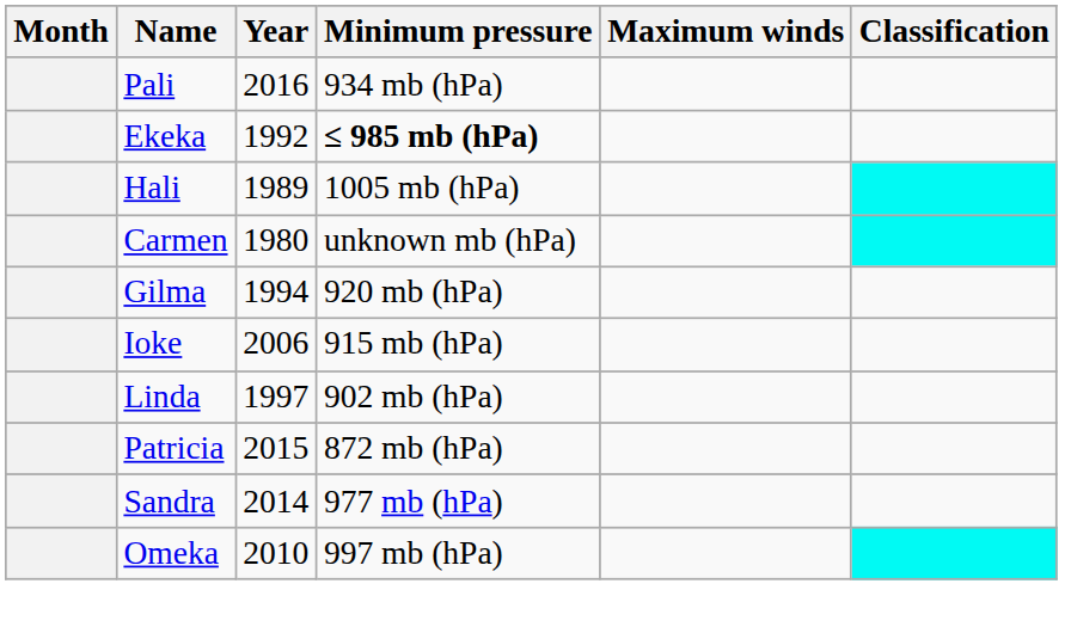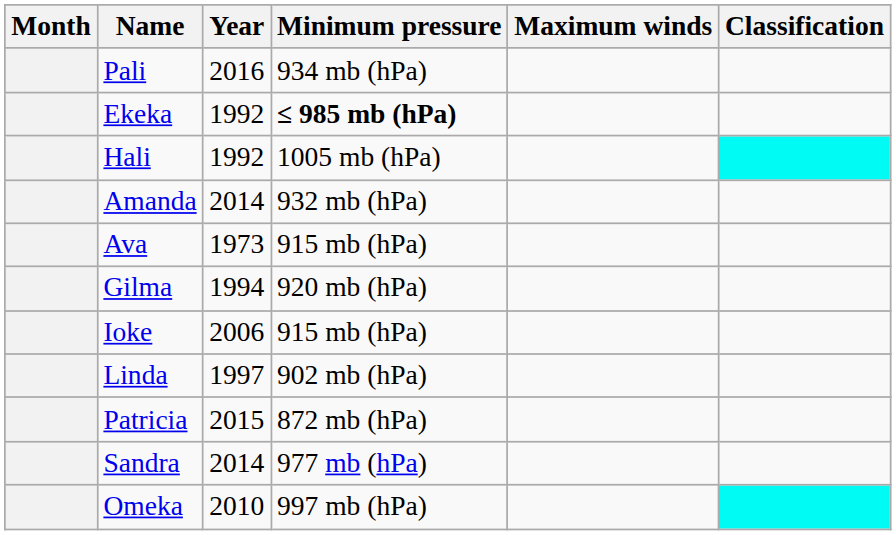 <table class="wikitable plainrowheaders">
 <tr>
 <th scope="col">Month</th>
 <th scope="col">Name</th>
 <th scope="col">Year</th>
 <th scope="col">Minimum pressure</th>
 <th scope="col">Maximum winds</th>
 <th>Classification</th>
 </tr>
 <tr>
 <th></th>
 <td><a href='#'>Pali</a></td>
 <td>2016</td>
 <td>934 mb (hPa)</td>
 <td></td>
 <td></td>
 </tr>
 <tr>
 <th></th>
 <td><a href='#'>Ekeka</a></td>
 <td>1992</td>
 <td><strong>≤ 985 mb (hPa)</strong></td>
 <td></td>
 <td></td>
 </tr>
 <tr>
 <th></th>
 <td><a href='#'>Hali</a></td>
-<td>1989</td>
+<td>1992</td>
 <td>1005 mb (hPa)</td>
 <td></td>
 <td bgcolor="#00faf4"></td>
 </tr>
 <tr>
 <th></th>
-<td><a href='#'>Carmen</a></td>
-<td>1980</td>
-<td>unknown mb (hPa)</td>
+<td><a href='#'>Amanda</a></td>
+<td>2014</td>
+<td>932 mb (hPa)</td>
 <td></td>
-<td bgcolor="#00faf4"></td>
+<td></td>
+</tr>
+<tr>
+<th></th>
+<td><a href='#'>Ava</a></td>
+<td>1973</td>
+<td>915 mb (hPa)</td>
+<td></td>
+<td></td>
 </tr>
 <tr>
 <th></th>
 <td><a href='#'>Gilma</a></td>
 <td>1994</td>
 <td>920 mb (hPa)</td>
 <td></td>
 <td></td>
 </tr>
 <tr>
 <th></th>
 <td><a href='#'>Ioke</a></td>
 <td>2006</td>
 <td>915 mb (hPa)</td>
 <td></td>
 <td></td>
 </tr>
 <tr>
 <th></th>
 <td><a href='#'>Linda</a></td>
 <td>1997</td>
 <td>902 mb (hPa)</td>
 <td></td>
 <td></td>
 </tr>
 <tr>
 <th></th>
 <td><a href='#'>Patricia</a></td>
 <td>2015</td>
 <td>872 mb (hPa)</td>
 <td></td>
 <td></td>
 </tr>
 <tr>
 <th></th>
 <td><a href='#'>Sandra</a></td>
 <td>2014</td>
 <td>977 <a href='#'>mb</a> (<a href='#'>hPa</a>)</td>
 <td></td>
 <td></td>
 </tr>
 <tr>
 <th></th>
 <td><a href='#'>Omeka</a></td>
 <td>2010</td>
 <td>997 mb (hPa)</td>
 <td></td>
 <td bgcolor="#00faf4"></td>
 </tr>
 </table>
